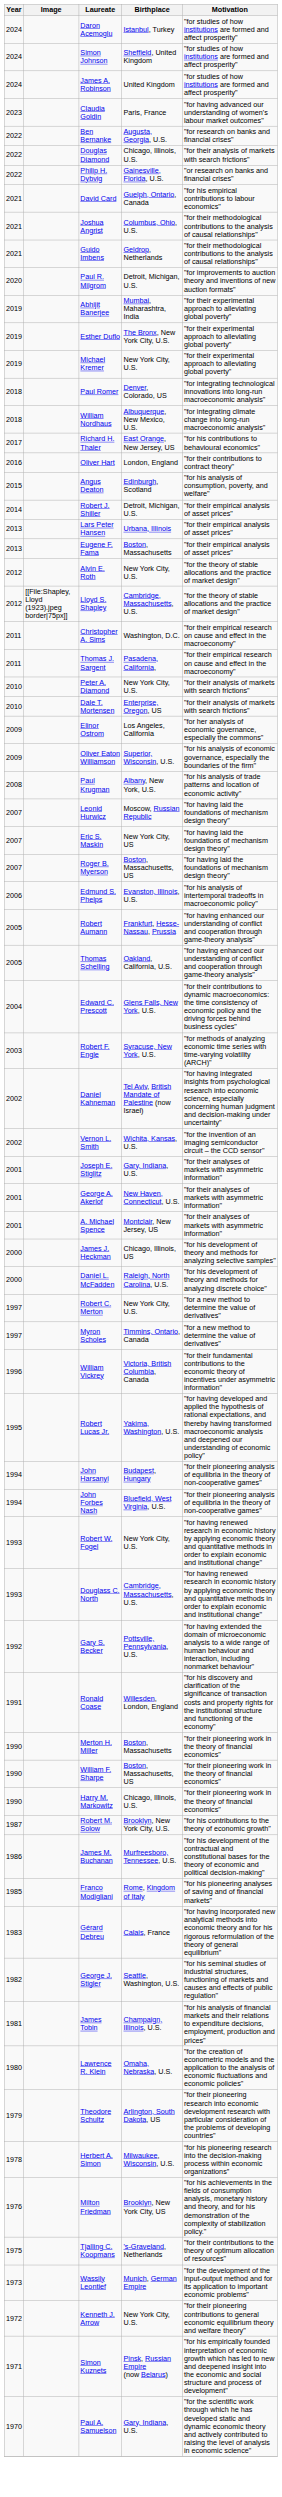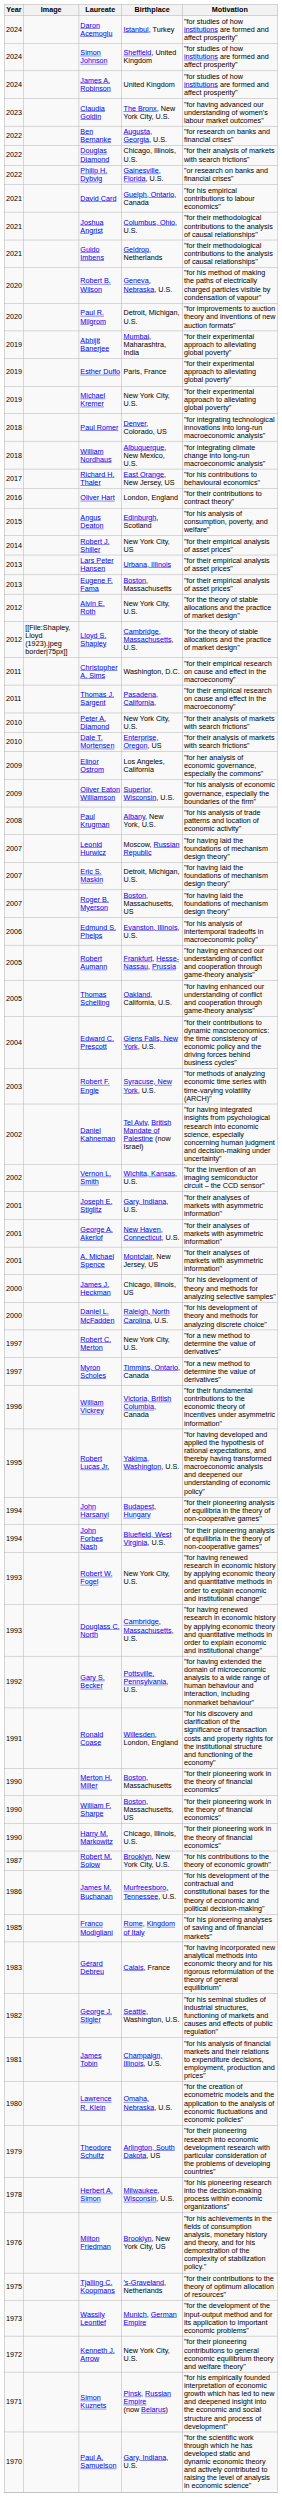 <table class="wikitable sortable">
 <tr>
 <th>Year</th>
 <th class="unportable">Image</th>
 <th>Laureate</th>
 <th>Birthplace</th>
 <th>Motivation</th>
 </tr>
 <tr>
 <td>2024</td>
 <td !scope="row"></td>
 <td><a href='#'>Daron Acemoglu</a></td>
 <td><a href='#'>Istanbul</a>, Turkey</td>
 <td>"for studies of how <a href='#'>institutions</a> are formed and affect prosperity"</td>
 </tr>
 <tr>
 <td>2024</td>
 <td !scope="row"></td>
 <td><a href='#'>Simon Johnson</a></td>
 <td><a href='#'>Sheffield</a>, United Kingdom</td>
 <td>"for studies of how <a href='#'>institutions</a> are formed and affect prosperity"</td>
 </tr>
 <tr>
 <td>2024</td>
 <td !scope="row"></td>
 <td><a href='#'>James A. Robinson</a></td>
 <td>United Kingdom</td>
 <td>"for studies of how <a href='#'>institutions</a> are formed and affect prosperity"</td>
 </tr>
 <tr>
 <td>2023</td>
 <td !scope="row"></td>
 <td><a href='#'>Claudia Goldin</a></td>
-<td>Paris, France</td>
+<td><a href='#'>The Bronx</a>, New York City, U.S.</td>
 <td>"for having advanced our understanding of women's labour market outcomes"</td>
 </tr>
 <tr>
 <td>2022</td>
 <td !scope="row"></td>
 <td><a href='#'>Ben Bernanke</a></td>
 <td><a href='#'>Augusta, Georgia</a>, U.S.</td>
 <td>"for research on banks and financial crises"</td>
 </tr>
 <tr>
 <td>2022</td>
 <td !scope="row"></td>
 <td><a href='#'>Douglas Diamond</a></td>
 <td>Chicago, Illinois, U.S.</td>
 <td>"for their analysis of markets with search frictions"</td>
 </tr>
 <tr>
 <td>2022</td>
 <td !scope="row"></td>
 <td><a href='#'>Philip H. Dybvig</a></td>
 <td><a href='#'>Gainesville, Florida</a>, U.S.</td>
 <td>"or research on banks and financial crises"</td>
 </tr>
 <tr>
 <td>2021</td>
 <td !scope="row"></td>
 <td><a href='#'>David Card</a></td>
 <td><a href='#'>Guelph, Ontario</a>, Canada</td>
 <td>"for his empirical contributions to labour economics"</td>
 </tr>
 <tr>
 <td>2021</td>
 <td !scope="row"></td>
 <td><a href='#'>Joshua Angrist</a></td>
 <td><a href='#'>Columbus, Ohio</a>, U.S.</td>
 <td>"for their methodological contributions to the analysis of causal relationships"</td>
 </tr>
 <tr>
 <td>2021</td>
 <td !scope="row"></td>
 <td><a href='#'>Guido Imbens</a></td>
 <td><a href='#'>Geldrop</a>, Netherlands</td>
 <td>"for their methodological contributions to the analysis of causal relationships"</td>
 </tr>
 <tr>
 <td>2020</td>
 <td !scope="row"></td>
+<td><a href='#'>Robert B. Wilson</a></td>
+<td><a href='#'>Geneva, Nebraska</a>, U.S.</td>
+<td>"for his method of making the paths of electrically charged particles visible by condensation of vapour"</td>
+</tr>
+<tr>
+<td>2020</td>
+<td !scope="row"></td>
 <td><a href='#'>Paul R. Milgrom</a></td>
 <td>Detroit, Michigan, U.S.</td>
 <td>"for improvements to auction theory and inventions of new auction formats"</td>
 </tr>
 <tr>
 <td>2019</td>
 <td !scope="row"></td>
 <td><a href='#'>Abhijit Banerjee</a></td>
 <td><a href='#'>Mumbai</a>, Maharashtra, India</td>
 <td>"for their experimental approach to alleviating global poverty"</td>
 </tr>
 <tr>
 <td>2019</td>
 <td !scope="row"></td>
 <td><a href='#'>Esther Duflo</a></td>
-<td><a href='#'>The Bronx</a>, New York City, U.S.</td>
+<td>Paris, France</td>
 <td>"for their experimental approach to alleviating global poverty"</td>
 </tr>
 <tr>
 <td>2019</td>
 <td !scope="row"></td>
 <td><a href='#'>Michael Kremer</a></td>
 <td>New York City, U.S.</td>
 <td>"for their experimental approach to alleviating global poverty"</td>
 </tr>
 <tr>
 <td>2018</td>
 <td !scope="row"></td>
 <td><a href='#'>Paul Romer</a></td>
 <td><a href='#'>Denver</a>, Colorado, US</td>
 <td>"for integrating technological innovations into long-run macroeconomic analysis"</td>
 </tr>
 <tr>
 <td>2018</td>
 <td !scope="row"></td>
 <td><a href='#'>William Nordhaus</a></td>
 <td><a href='#'>Albuquerque</a>, New Mexico, U.S.</td>
 <td>"for integrating climate change into long-run macroeconomic analysis"</td>
 </tr>
 <tr>
 <td>2017</td>
 <td !scope="row"></td>
 <td><a href='#'>Richard H. Thaler</a></td>
 <td><a href='#'>East Orange</a>, New Jersey, US</td>
 <td>"for his contributions to behavioural economics"</td>
 </tr>
 <tr>
 <td>2016</td>
 <td !scope="row"></td>
 <td><a href='#'>Oliver Hart</a></td>
 <td>London, England</td>
 <td>"for their contributions to contract theory"</td>
 </tr>
 <tr>
 <td>2015</td>
 <td !scope="row"></td>
 <td><a href='#'>Angus Deaton</a></td>
 <td><a href='#'>Edinburgh</a>, Scotland</td>
 <td>"for his analysis of consumption, poverty, and welfare"</td>
 </tr>
 <tr>
 <td>2014</td>
 <td !scope="row"></td>
 <td><a href='#'>Robert J. Shiller</a></td>
-<td>Detroit, Michigan, U.S.</td>
+<td>New York City, US</td>
 <td>"for their empirical analysis of asset prices"</td>
 </tr>
 <tr>
 <td>2013</td>
 <td !scope="row"></td>
 <td><a href='#'>Lars Peter Hansen</a></td>
 <td><a href='#'>Urbana, Illinois</a></td>
 <td>"for their empirical analysis of asset prices"</td>
 </tr>
 <tr>
 <td>2013</td>
 <td !scope="row"></td>
 <td><a href='#'>Eugene F. Fama</a></td>
 <td><a href='#'>Boston</a>, Massachusetts</td>
 <td>"for their empirical analysis of asset prices"</td>
 </tr>
 <tr>
 <td>2012</td>
 <td !scope="row"></td>
 <td><a href='#'>Alvin E. Roth</a></td>
 <td>New York City, U.S.</td>
 <td>"for the theory of stable allocations and the practice of market design"</td>
 </tr>
 <tr>
 <td>2012</td>
 <td !scope="row">[[File:Shapley, Lloyd (1923).jpeg  border|75px]]</td>
 <td><a href='#'>Lloyd S. Shapley</a></td>
 <td><a href='#'>Cambridge, Massachusetts</a>, U.S.</td>
 <td>"for the theory of stable allocations and the practice of market design"</td>
 </tr>
 <tr>
 <td>2011</td>
 <td !scope="row"></td>
 <td><a href='#'>Christopher A. Sims</a></td>
 <td>Washington, D.C.</td>
 <td>"for their empirical research on cause and effect in the macroeconomy"</td>
 </tr>
 <tr>
 <td>2011</td>
 <td !scope="row"></td>
 <td><a href='#'>Thomas J. Sargent</a></td>
 <td><a href='#'>Pasadena, California</a>,</td>
 <td>"for their empirical research on cause and effect in the macroeconomy"</td>
 </tr>
 <tr>
 <td>2010</td>
 <td !scope="row"></td>
 <td><a href='#'>Peter A. Diamond</a></td>
 <td>New York City, U.S.</td>
 <td>"for their analysis of markets with search frictions"</td>
 </tr>
 <tr>
 <td>2010</td>
 <td !scope="row"></td>
 <td><a href='#'>Dale T. Mortensen</a></td>
 <td><a href='#'>Enterprise, Oregon</a>, US</td>
 <td>"for their analysis of markets with search frictions"</td>
 </tr>
 <tr>
 <td>2009</td>
 <td !scope="row"></td>
 <td><a href='#'>Elinor Ostrom</a></td>
 <td>Los Angeles, California</td>
 <td>"for her analysis of economic governance, especially the commons"</td>
 </tr>
 <tr>
 <td>2009</td>
 <td !scope="row"></td>
 <td><a href='#'>Oliver Eaton Williamson</a></td>
 <td><a href='#'>Superior, Wisconsin</a>, U.S.</td>
 <td>"for his analysis of economic governance, especially the boundaries of the firm"</td>
 </tr>
 <tr>
 <td>2008</td>
 <td !scope="row"></td>
 <td><a href='#'>Paul Krugman</a></td>
 <td><a href='#'>Albany</a>, New York, U.S.</td>
 <td>"for his analysis of trade patterns and location of economic activity"</td>
 </tr>
 <tr>
 <td>2007</td>
 <td !scope="row"></td>
 <td><a href='#'>Leonid Hurwicz</a></td>
 <td>Moscow, <a href='#'>Russian Republic</a></td>
 <td>"for having laid the foundations of mechanism design theory"</td>
 </tr>
 <tr>
 <td>2007</td>
 <td !scope="row"></td>
 <td><a href='#'>Eric S. Maskin</a></td>
-<td>New York City, US</td>
+<td>Detroit, Michigan, U.S.</td>
 <td>"for having laid the foundations of mechanism design theory"</td>
 </tr>
 <tr>
 <td>2007</td>
 <td !scope="row"></td>
 <td><a href='#'>Roger B. Myerson</a></td>
 <td><a href='#'>Boston</a>, Massachusetts, US</td>
 <td>"for having laid the foundations of mechanism design theory"</td>
 </tr>
 <tr>
 <td>2006</td>
 <td !scope="row"></td>
 <td><a href='#'>Edmund S. Phelps</a></td>
 <td><a href='#'>Evanston, Illinois</a>, U.S.</td>
 <td>"for his analysis of intertemporal tradeoffs in macroeconomic policy"</td>
 </tr>
 <tr>
 <td>2005</td>
 <td !scope="row"></td>
 <td><a href='#'>Robert Aumann</a></td>
 <td><a href='#'>Frankfurt</a>, <a href='#'>Hesse-Nassau</a>, <a href='#'>Prussia</a></td>
 <td>"for having enhanced our understanding of conflict and cooperation through game-theory analysis"</td>
 </tr>
 <tr>
 <td>2005</td>
 <td !scope="row"></td>
 <td><a href='#'>Thomas Schelling</a></td>
 <td><a href='#'>Oakland</a>, California, U.S.</td>
 <td>"for having enhanced our understanding of conflict and cooperation through game-theory analysis"</td>
 </tr>
 <tr>
 <td>2004</td>
 <td !scope="row"></td>
 <td><a href='#'>Edward C. Prescott</a></td>
 <td><a href='#'>Glens Falls, New York</a>, U.S.</td>
 <td>"for their contributions to dynamic macroeconomics: the time consistency of economic policy and the driving forces behind business cycles"</td>
 </tr>
 <tr>
 <td>2003</td>
 <td !scope="row"></td>
 <td><a href='#'>Robert F. Engle</a></td>
 <td><a href='#'>Syracuse, New York</a>, U.S.</td>
 <td>"for methods of analyzing economic time series with time-varying volatility (ARCH)"</td>
 </tr>
 <tr>
 <td>2002</td>
 <td !scope="row"></td>
 <td><a href='#'>Daniel Kahneman</a></td>
 <td><a href='#'>Tel Aviv</a>, <a href='#'>British Mandate of Palestine</a> (now Israel)</td>
 <td>"for having integrated insights from psychological research into economic science, especially concerning human judgment and decision-making under uncertainty"</td>
 </tr>
 <tr>
 <td>2002</td>
 <td !scope="row"></td>
 <td><a href='#'>Vernon L. Smith</a></td>
 <td><a href='#'>Wichita, Kansas</a>, U.S.</td>
 <td>"for the invention of an imaging semiconductor circuit – the CCD sensor"</td>
 </tr>
 <tr>
 <td>2001</td>
 <td !scope="row"></td>
 <td><a href='#'>Joseph E. Stiglitz</a></td>
 <td><a href='#'>Gary, Indiana</a>, U.S.</td>
 <td>"for their analyses of markets with asymmetric information"</td>
 </tr>
 <tr>
 <td>2001</td>
 <td !scope="row"></td>
 <td><a href='#'>George A. Akerlof</a></td>
 <td><a href='#'>New Haven, Connecticut</a>, U.S.</td>
 <td>"for their analyses of markets with asymmetric information"</td>
 </tr>
 <tr>
 <td>2001</td>
 <td !scope="row"></td>
 <td><a href='#'>A. Michael Spence</a></td>
 <td><a href='#'>Montclair</a>, New Jersey, US</td>
 <td>"for their analyses of markets with asymmetric information"</td>
 </tr>
 <tr>
 <td>2000</td>
 <td !scope="row"></td>
 <td><a href='#'>James J. Heckman</a></td>
 <td>Chicago, Illinois, US</td>
 <td>"for his development of theory and methods for analyzing selective samples"</td>
 </tr>
 <tr>
 <td>2000</td>
 <td !scope="row"></td>
 <td><a href='#'>Daniel L. McFadden</a></td>
 <td><a href='#'>Raleigh, North Carolina</a>, U.S.</td>
 <td>"for his development of theory and methods for analyzing discrete choice"</td>
 </tr>
 <tr>
 <td>1997</td>
 <td !scope="row"></td>
 <td><a href='#'>Robert C. Merton</a></td>
 <td>New York City, U.S.</td>
 <td>"for a new method to determine the value of derivatives"</td>
 </tr>
 <tr>
 <td>1997</td>
 <td !scope="row"></td>
 <td><a href='#'>Myron Scholes</a></td>
 <td><a href='#'>Timmins, Ontario</a>, Canada</td>
 <td>"for a new method to determine the value of derivatives"</td>
 </tr>
 <tr>
 <td>1996</td>
 <td !scope="row"></td>
 <td><a href='#'>William Vickrey</a></td>
 <td><a href='#'>Victoria, British Columbia</a>, Canada</td>
 <td>"for their fundamental contributions to the economic theory of incentives under asymmetric information"</td>
 </tr>
 <tr>
 <td>1995</td>
 <td !scope="row"></td>
 <td><a href='#'>Robert Lucas Jr.</a></td>
 <td><a href='#'>Yakima, Washington</a>, U.S.</td>
 <td>"for having developed and applied the hypothesis of rational expectations, and thereby having transformed macroeconomic analysis and deepened our understanding of economic policy"</td>
 </tr>
 <tr>
 <td>1994</td>
 <td !scope="row"></td>
 <td><a href='#'>John Harsanyi</a></td>
 <td><a href='#'>Budapest</a>, <a href='#'>Hungary</a></td>
 <td>"for their pioneering analysis of equilibria in the theory of non-cooperative games"</td>
 </tr>
 <tr>
 <td>1994</td>
 <td !scope="row"></td>
 <td><a href='#'>John Forbes Nash</a></td>
 <td><a href='#'>Bluefield, West Virginia</a>, U.S.</td>
 <td>"for their pioneering analysis of equilibria in the theory of non-cooperative games"</td>
 </tr>
 <tr>
 <td>1993</td>
 <td !scope="row"></td>
 <td><a href='#'>Robert W. Fogel</a></td>
 <td>New York City, U.S.</td>
 <td>"for having renewed research in economic history by applying economic theory and quantitative methods in order to explain economic and institutional change"</td>
 </tr>
 <tr>
 <td>1993</td>
 <td !scope="row"></td>
 <td><a href='#'>Douglass C. North</a></td>
 <td><a href='#'>Cambridge, Massachusetts</a>, U.S.</td>
 <td>"for having renewed research in economic history by applying economic theory and quantitative methods in order to explain economic and institutional change"</td>
 </tr>
 <tr>
 <td>1992</td>
 <td !scope="row"></td>
 <td><a href='#'>Gary S. Becker</a></td>
 <td><a href='#'>Pottsville, Pennsylvania</a>, U.S.</td>
 <td>"for having extended the domain of microeconomic analysis to a wide range of human behaviour and interaction, including nonmarket behaviour"</td>
 </tr>
 <tr>
 <td>1991</td>
 <td !scope="row"></td>
 <td><a href='#'>Ronald Coase</a></td>
 <td><a href='#'>Willesden</a>, London, England</td>
 <td>"for his discovery and clarification of the significance of transaction costs and property rights for the institutional structure and functioning of the economy"</td>
 </tr>
 <tr>
 <td>1990</td>
 <td !scope="row"></td>
 <td><a href='#'>Merton H. Miller</a></td>
 <td><a href='#'>Boston</a>, Massachusetts</td>
 <td>"for their pioneering work in the theory of financial economics"</td>
 </tr>
 <tr>
 <td>1990</td>
 <td !scope="row"></td>
 <td><a href='#'>William F. Sharpe</a></td>
 <td><a href='#'>Boston</a>, Massachusetts, US</td>
 <td>"for their pioneering work in the theory of financial economics"</td>
 </tr>
 <tr>
 <td>1990</td>
 <td !scope="row"></td>
 <td><a href='#'>Harry M. Markowitz</a></td>
 <td>Chicago, Illinois, U.S.</td>
 <td>"for their pioneering work in the theory of financial economics"</td>
 </tr>
 <tr>
 <td>1987</td>
 <td !scope="row"></td>
 <td><a href='#'>Robert M. Solow</a></td>
 <td><a href='#'>Brooklyn</a>, New York City, U.S.</td>
 <td>"for his contributions to the theory of economic growth"</td>
 </tr>
 <tr>
 <td>1986</td>
 <td !scope="row"></td>
 <td><a href='#'>James M. Buchanan</a></td>
 <td><a href='#'>Murfreesboro, Tennessee</a>, U.S.</td>
 <td>"for his development of the contractual and constitutional bases for the theory of economic and political decision-making"</td>
 </tr>
 <tr>
 <td>1985</td>
 <td !scope="row"></td>
 <td><a href='#'>Franco Modigliani</a></td>
 <td><a href='#'>Rome</a>, <a href='#'>Kingdom of Italy</a></td>
 <td>"for his pioneering analyses of saving and of financial markets"</td>
 </tr>
 <tr>
 <td>1983</td>
 <td !scope="row"></td>
 <td><a href='#'>Gérard Debreu</a></td>
 <td><a href='#'>Calais</a>, France</td>
 <td>"for having incorporated new analytical methods into economic theory and for his rigorous reformulation of the theory of general equilibrium"</td>
 </tr>
 <tr>
 <td>1982</td>
 <td !scope="row"></td>
 <td><a href='#'>George J. Stigler</a></td>
 <td><a href='#'>Seattle</a>, Washington, U.S.</td>
 <td>"for his seminal studies of industrial structures, functioning of markets and causes and effects of public regulation"</td>
 </tr>
 <tr>
 <td>1981</td>
 <td !scope="row"></td>
 <td><a href='#'>James Tobin</a></td>
 <td><a href='#'>Champaign, Illinois</a>, U.S.</td>
 <td>"for his analysis of financial markets and their relations to expenditure decisions, employment, production and prices"</td>
 </tr>
 <tr>
 <td>1980</td>
 <td !scope="row"></td>
 <td><a href='#'>Lawrence R. Klein</a></td>
 <td><a href='#'>Omaha, Nebraska</a>, U.S.</td>
 <td>"for the creation of econometric models and the application to the analysis of economic fluctuations and economic policies"</td>
 </tr>
 <tr>
 <td>1979</td>
 <td !scope="row"></td>
 <td><a href='#'>Theodore Schultz</a></td>
 <td><a href='#'>Arlington, South Dakota</a>, US</td>
 <td>"for their pioneering research into economic development research with particular consideration of the problems of developing countries"</td>
 </tr>
 <tr>
 <td>1978</td>
 <td !scope="row"></td>
 <td><a href='#'>Herbert A. Simon</a></td>
 <td><a href='#'>Milwaukee</a>, <a href='#'>Wisconsin</a>, U.S.</td>
 <td>“for his pioneering research into the decision-making process within economic organizations”</td>
 </tr>
 <tr>
 <td>1976</td>
 <td !scope="row"></td>
 <td><a href='#'>Milton Friedman</a></td>
 <td><a href='#'>Brooklyn</a>, New York City, US</td>
 <td>"for his achievements in the fields of consumption analysis, monetary history and theory, and for his demonstration of the complexity of stabilization policy."</td>
 </tr>
 <tr>
 <td>1975</td>
 <td !scope="row"></td>
 <td><a href='#'>Tjalling C. Koopmans</a></td>
 <td><a href='#'>'s-Graveland</a>, Netherlands</td>
 <td>"for their contributions to the theory of optimum allocation of resources"</td>
 </tr>
 <tr>
 <td>1973</td>
 <td !scope="row"></td>
 <td><a href='#'>Wassily Leontief</a></td>
 <td><a href='#'>Munich</a>, <a href='#'>German Empire</a></td>
 <td>"for the development of the input-output method and for its application to important economic problems"</td>
 </tr>
 <tr>
 <td>1972</td>
 <td !scope="row"></td>
 <td><a href='#'>Kenneth J. Arrow</a></td>
 <td>New York City, U.S.</td>
 <td>"for their pioneering contributions to general economic equilibrium theory and welfare theory"</td>
 </tr>
 <tr>
 <td>1971</td>
 <td !scope="row"></td>
 <td><a href='#'>Simon Kuznets</a></td>
 <td><a href='#'>Pinsk</a>, <a href='#'>Russian Empire</a><br>(now <a href='#'>Belarus</a>)</td>
 <td>"for his empirically founded interpretation of economic growth which has led to new and deepened insight into the economic and social structure and process of development"</td>
 </tr>
 <tr>
 <td>1970</td>
 <td !scope="row"></td>
 <td><a href='#'>Paul A. Samuelson</a></td>
 <td><a href='#'>Gary, Indiana</a>, U.S.</td>
 <td>"for the scientific work through which he has developed static and dynamic economic theory and actively contributed to raising the level of analysis in economic science"</td>
 </tr>
 <tr>
 </tr>
 </table>
